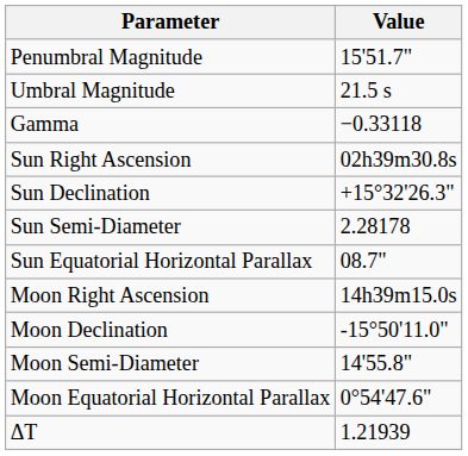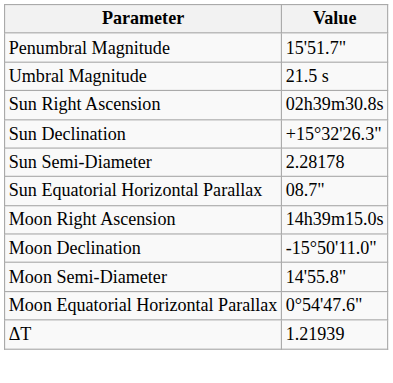 <table class="wikitable">
 <tr>
 <th>Parameter</th>
 <th>Value</th>
 </tr>
 <tr>
 <td>Penumbral Magnitude</td>
 <td>15'51.7"</td>
 </tr>
 <tr>
 <td>Umbral Magnitude</td>
 <td>21.5 s</td>
-</tr>
-<tr>
-<td>Gamma</td>
-<td>−0.33118</td>
 </tr>
 <tr>
 <td>Sun Right Ascension</td>
 <td>02h39m30.8s</td>
 </tr>
 <tr>
 <td>Sun Declination</td>
 <td>+15°32'26.3"</td>
 </tr>
 <tr>
 <td>Sun Semi-Diameter</td>
 <td>2.28178</td>
 </tr>
 <tr>
 <td>Sun Equatorial Horizontal Parallax</td>
 <td>08.7"</td>
 </tr>
 <tr>
 <td>Moon Right Ascension</td>
 <td>14h39m15.0s</td>
 </tr>
 <tr>
 <td>Moon Declination</td>
 <td>-15°50'11.0"</td>
 </tr>
 <tr>
 <td>Moon Semi-Diameter</td>
 <td>14'55.8"</td>
 </tr>
 <tr>
 <td>Moon Equatorial Horizontal Parallax</td>
 <td>0°54'47.6"</td>
 </tr>
 <tr>
 <td>ΔT</td>
 <td>1.21939</td>
 </tr>
 </table>
